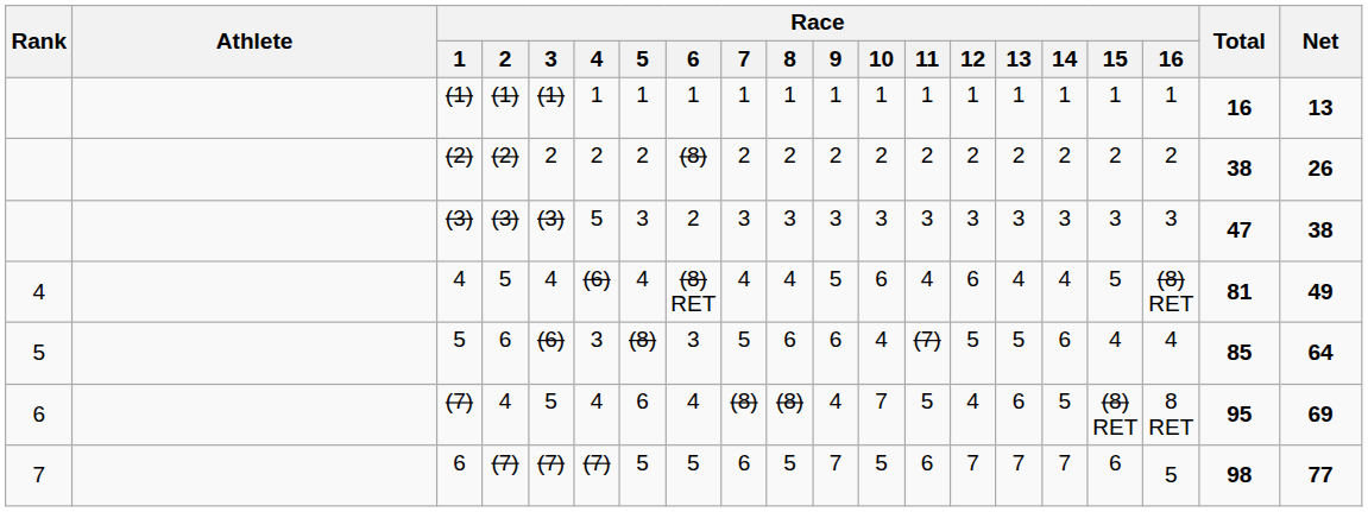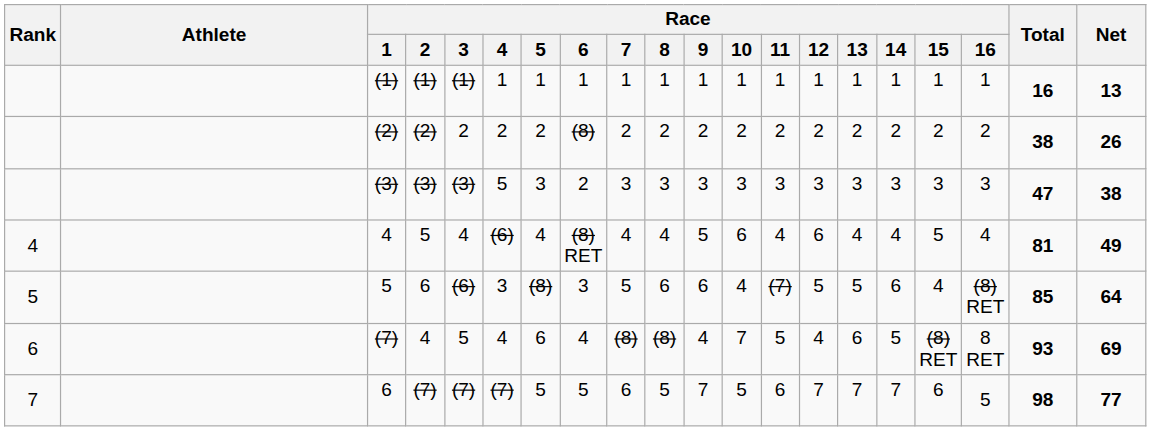 <table | class="wikitable" style="text-align:center">
 <tr>
 <th rowspan="2" width=40>Rank</th>
 <th rowspan="2" width=250>Athlete</th>
 <th colspan="16">Race</th>
 <th rowspan="2" width=50>Total</th>
 <th rowspan="2" width=50>Net</th>
 </tr>
 <tr>
 <th width=25>1</th>
 <th width=25>2</th>
 <th width=25>3</th>
 <th width=25>4</th>
 <th width=25>5</th>
 <th width=25>6</th>
 <th width=25>7</th>
 <th width=25>8</th>
 <th width=25>9</th>
 <th width=25>10</th>
 <th width=25>11</th>
 <th width=25>12</th>
 <th width=25>13</th>
 <th width=25>14</th>
 <th width=25>15</th>
 <th width=25>16</th>
 </tr>
 <tr>
 <td></td>
 <td align=left></td>
 <td><s>(1)</s><br> </td>
 <td><s>(1)</s><br> </td>
 <td><s>(1)</s><br> </td>
 <td>1<br> </td>
 <td>1<br> </td>
 <td>1<br> </td>
 <td>1<br> </td>
 <td>1<br> </td>
 <td>1<br> </td>
 <td>1<br> </td>
 <td>1<br> </td>
 <td>1<br> </td>
 <td>1<br> </td>
 <td>1<br> </td>
 <td>1<br> </td>
 <td>1<br> </td>
 <td><strong>16</strong></td>
 <td><strong>13</strong></td>
 </tr>
 <tr>
 <td></td>
 <td align=left></td>
 <td><s>(2)</s><br> </td>
 <td><s>(2)</s><br> </td>
 <td>2<br> </td>
 <td>2<br> </td>
 <td>2<br> </td>
 <td><s>(8)</s><br> </td>
 <td>2<br> </td>
 <td>2<br> </td>
 <td>2<br> </td>
 <td>2<br> </td>
 <td>2<br> </td>
 <td>2<br> </td>
 <td>2<br> </td>
 <td>2<br> </td>
 <td>2<br> </td>
 <td>2<br> </td>
 <td><strong>38</strong></td>
 <td><strong>26</strong></td>
 </tr>
 <tr>
 <td></td>
 <td align=left></td>
 <td><s>(3)</s><br> </td>
 <td><s>(3)</s><br> </td>
 <td><s>(3)</s><br> </td>
 <td>5<br> </td>
 <td>3<br> </td>
 <td>2<br> </td>
 <td>3<br> </td>
 <td>3<br> </td>
 <td>3<br> </td>
 <td>3<br> </td>
 <td>3<br> </td>
 <td>3<br> </td>
 <td>3<br> </td>
 <td>3<br> </td>
 <td>3<br> </td>
 <td>3<br> </td>
 <td><strong>47</strong></td>
 <td><strong>38</strong></td>
 </tr>
 <tr>
 <td>4</td>
 <td align=left></td>
 <td>4<br> </td>
 <td>5<br> </td>
 <td>4<br> </td>
 <td><s>(6)</s><br> </td>
 <td>4<br> </td>
 <td><s>(8)</s><br>RET</td>
 <td>4<br> </td>
 <td>4<br> </td>
 <td>5<br> </td>
 <td>6<br> </td>
 <td>4<br> </td>
 <td>6<br> </td>
 <td>4<br> </td>
 <td>4<br> </td>
 <td>5<br> </td>
-<td><s>(8)</s><br>RET</td>
+<td>4<br> </td>
 <td><strong>81</strong></td>
 <td><strong>49</strong></td>
 </tr>
 <tr>
 <td>5</td>
 <td align=left></td>
 <td>5<br> </td>
 <td>6<br> </td>
 <td><s>(6)</s><br> </td>
 <td>3<br> </td>
 <td><s>(8)</s><br> </td>
 <td>3<br> </td>
 <td>5<br> </td>
 <td>6<br> </td>
 <td>6<br> </td>
 <td>4<br> </td>
 <td><s>(7)</s><br> </td>
 <td>5<br> </td>
 <td>5<br> </td>
 <td>6<br> </td>
 <td>4<br> </td>
-<td>4<br> </td>
+<td><s>(8)</s><br>RET</td>
 <td><strong>85</strong></td>
 <td><strong>64</strong></td>
 </tr>
 <tr>
 <td>6</td>
 <td align=left></td>
 <td><s>(7)</s><br> </td>
 <td>4<br> </td>
 <td>5<br> </td>
 <td>4<br> </td>
 <td>6<br> </td>
 <td>4<br> </td>
 <td><s>(8)</s><br> </td>
 <td><s>(8)</s><br> </td>
 <td>4<br> </td>
 <td>7<br> </td>
 <td>5<br> </td>
 <td>4<br> </td>
 <td>6<br> </td>
 <td>5<br> </td>
 <td><s>(8)</s><br>RET</td>
 <td>8<br>RET</td>
-<td><strong>95</strong></td>
+<td><strong>93</strong></td>
 <td><strong>69</strong></td>
 </tr>
 <tr>
 <td>7</td>
 <td align=left></td>
 <td>6<br> </td>
 <td><s>(7)</s><br> </td>
 <td><s>(7)</s><br> </td>
 <td><s>(7)</s><br> </td>
 <td>5<br> </td>
 <td>5<br> </td>
 <td>6<br> </td>
 <td>5<br> </td>
 <td>7<br> </td>
 <td>5<br> </td>
 <td>6<br> </td>
 <td>7<br> </td>
 <td>7<br> </td>
 <td>7<br> </td>
 <td>6<br> </td>
 <td>5<br></td>
 <td><strong>98</strong></td>
 <td><strong>77</strong></td>
 </tr>
 </table>
